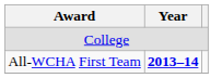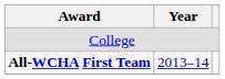 <table class="wikitable">
 <tr>
 <th>Award</th>
 <th>Year</th>
 <th></th>
 </tr>
 <tr ALIGN="center" bgcolor="#e0e0e0">
 <td colspan="3"><a href='#'>College</a></td>
 </tr>
 <tr>
-<td>All-<a href='#'>WCHA</a> <a href='#'>First Team</a></td>
-<td><strong><a href='#'>2013–14</a></strong></td>
+<td><strong>All-<a href='#'>WCHA</a> <a href='#'>First Team</a></strong></td>
+<td><a href='#'>2013–14</a></td>
 <td></td>
 </tr>
 <tr>
 </tr>
 </table>
